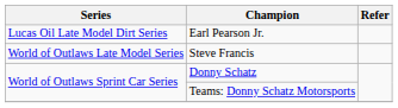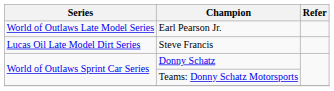 <table class="wikitable" style="font-size:87%;">
 <tr>
 <th>Series</th>
 <th>Champion</th>
 <th>Refer</th>
 </tr>
 <tr>
-<td><a href='#'>Lucas Oil Late Model Dirt Series</a></td>
+<td><a href='#'>World of Outlaws Late Model Series</a></td>
 <td> Earl Pearson Jr.</td>
 <td></td>
 </tr>
 <tr>
-<td><a href='#'>World of Outlaws Late Model Series</a></td>
+<td><a href='#'>Lucas Oil Late Model Dirt Series</a></td>
 <td> Steve Francis</td>
 <td></td>
 </tr>
 <tr>
 <td rowspan=2><a href='#'>World of Outlaws Sprint Car Series</a></td>
 <td> <a href='#'>Donny Schatz</a></td>
 <td rowspan=2></td>
 </tr>
 <tr>
 <td>Teams:  <a href='#'>Donny Schatz Motorsports</a></td>
 </tr>
 <tr>
 </tr>
 </table>
